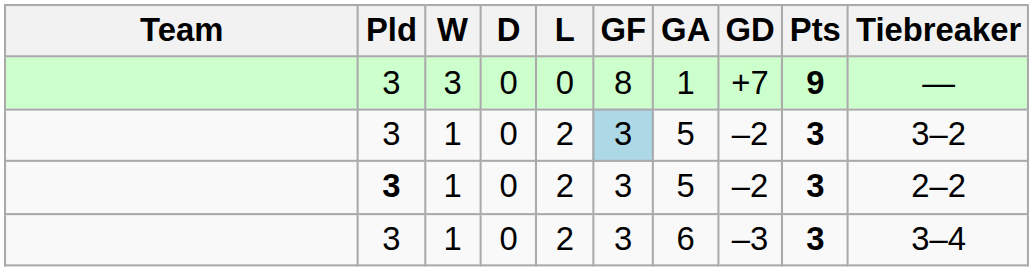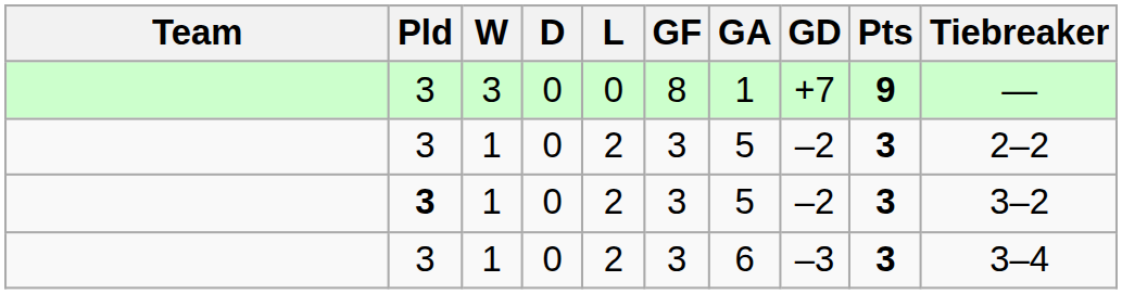 <table class="wikitable" style="text-align: center;">
 <tr>
 <th width = 165>Team</th>
 <th width = 20>Pld</th>
 <th width = 20>W</th>
 <th width = 20>D</th>
 <th width = 20>L</th>
 <th width = 20>GF</th>
 <th width = 20>GA</th>
 <th width = 20>GD</th>
 <th width = 20>Pts</th>
 <th width = 30>Tiebreaker</th>
 </tr>
 <tr bgcolor=ccffcc>
 <td style = "text-align:left;"></td>
 <td>3</td>
 <td>3</td>
 <td>0</td>
 <td>0</td>
 <td>8</td>
 <td>1</td>
 <td>+7</td>
 <td><strong>9</strong></td>
 <td>—</td>
 </tr>
 <tr>
 <td style = "text-align:left;"></td>
 <td>3</td>
 <td>1</td>
 <td>0</td>
 <td>2</td>
-<td style="background: lightblue;">3</td>
+<td>3</td>
 <td>5</td>
 <td>–2</td>
 <td><strong>3</strong></td>
-<td>3–2</td>
+<td>2–2</td>
 </tr>
 <tr>
 <td style = "text-align:left;"></td>
 <td><strong>3</strong></td>
 <td>1</td>
 <td>0</td>
 <td>2</td>
 <td>3</td>
 <td>5</td>
 <td>–2</td>
 <td><strong>3</strong></td>
-<td>2–2</td>
+<td>3–2</td>
 </tr>
 <tr>
 <td style = "text-align:left;"></td>
 <td>3</td>
 <td>1</td>
 <td>0</td>
 <td>2</td>
 <td>3</td>
 <td>6</td>
 <td>–3</td>
 <td><strong>3</strong></td>
 <td>3–4</td>
 </tr>
 </table>
